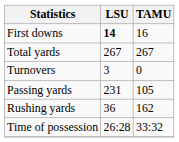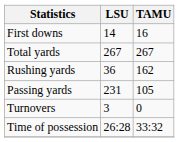 <table class="wikitable" style="float: left;">
 <tr>
 <th>Statistics</th>
 <th>LSU</th>
 <th>TAMU</th>
 </tr>
 <tr>
 <td>First downs</td>
-<td><strong>14</strong></td>
+<td>14</td>
 <td>16</td>
 </tr>
 <tr>
 <td>Total yards</td>
 <td>267</td>
 <td>267</td>
 </tr>
 <tr>
-<td>Turnovers</td>
-<td>3</td>
-<td>0</td>
+<td>Rushing yards</td>
+<td>36</td>
+<td>162</td>
 </tr>
 <tr>
 <td>Passing yards</td>
 <td>231</td>
 <td>105</td>
 </tr>
 <tr>
-<td>Rushing yards</td>
-<td>36</td>
-<td>162</td>
+<td>Turnovers</td>
+<td>3</td>
+<td>0</td>
 </tr>
 <tr>
 <td>Time of possession</td>
 <td>26:28</td>
 <td>33:32</td>
 </tr>
 <tr>
 </tr>
 </table>
